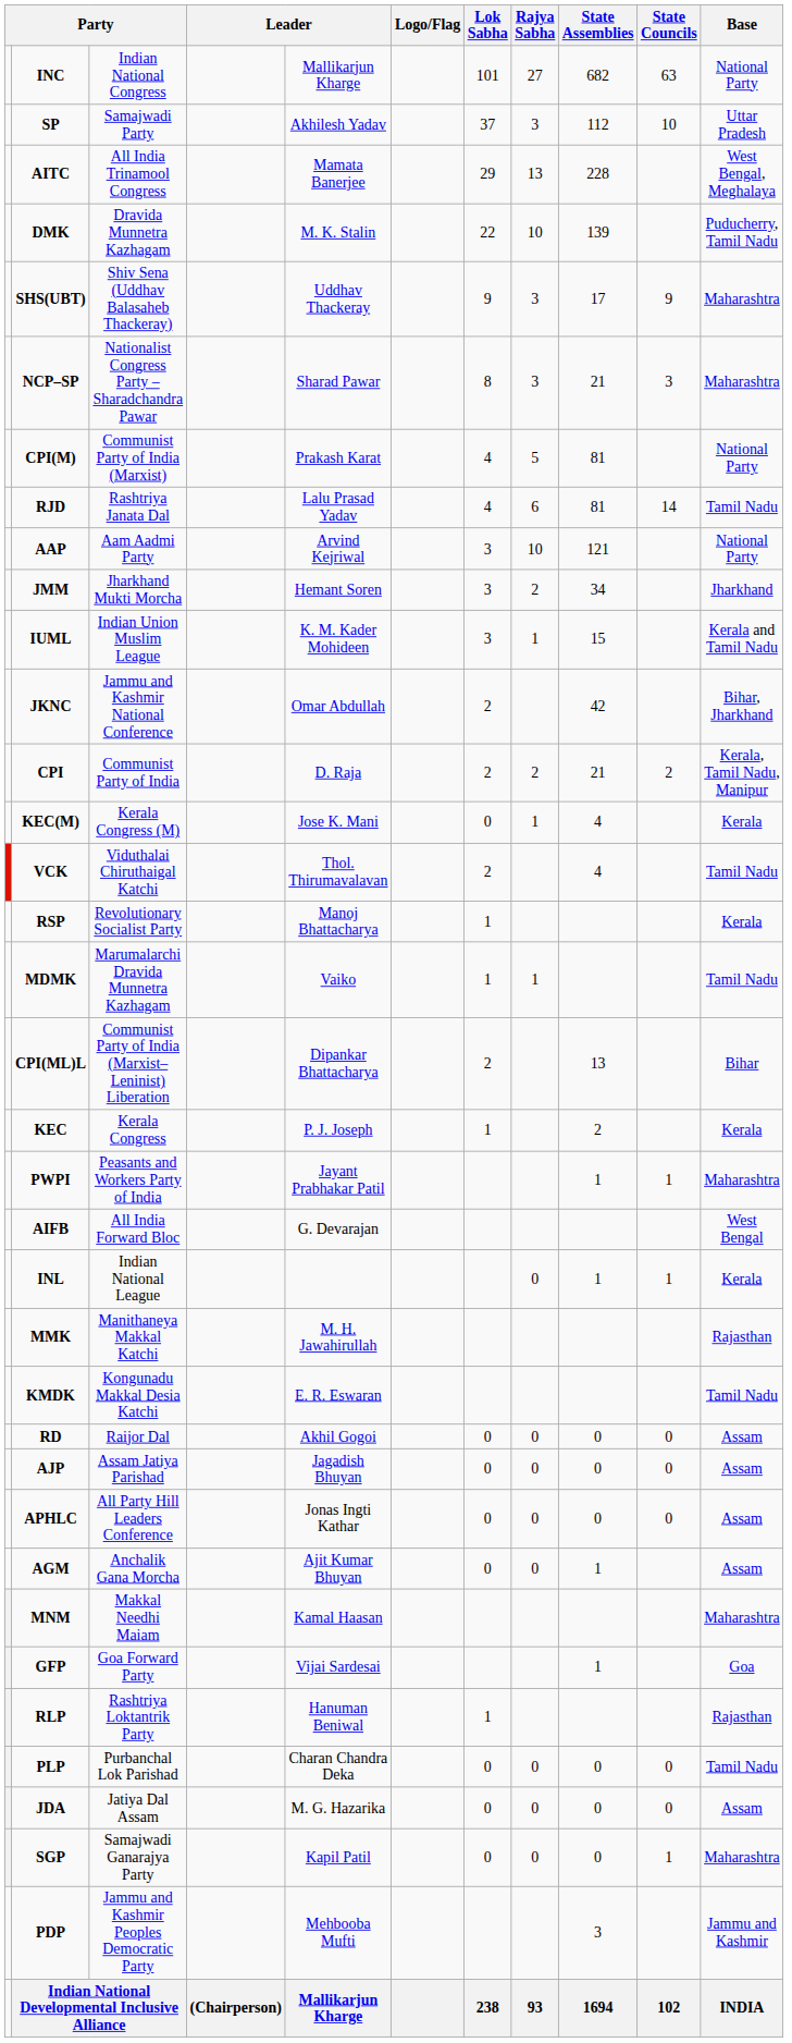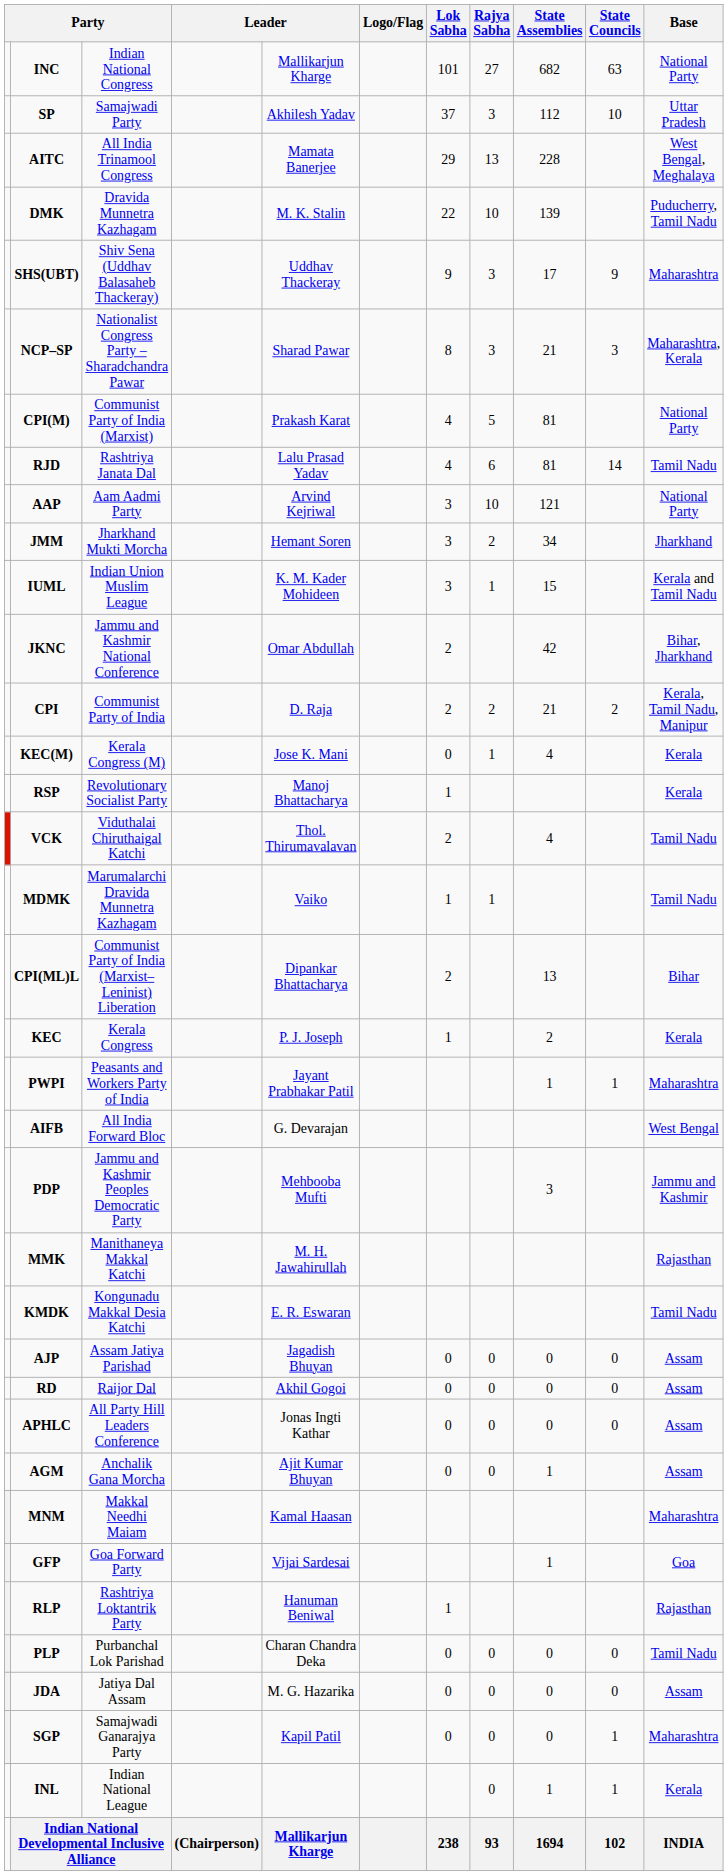 <table class="wikitable sortable" width="60%" style="text-align:center;">
 <tr>
 <th colspan="3" style="width:30px;">Party</th>
 <th colspan="2" style="width:30px;">Leader</th>
 <th>Logo/Flag</th>
 <th style="width:100px;"><a href='#'>Lok Sabha</a></th>
 <th style="width:100px;"><a href='#'>Rajya Sabha</a></th>
 <th><a href='#'>State Assemblies</a></th>
 <th><a href='#'>State Councils</a></th>
 <th style="width:170px;">Base</th>
 </tr>
 <tr>
 <td style="background-color:"></td>
 <td><strong>INC</strong></td>
 <td><a href='#'>Indian National Congress</a></td>
 <td></td>
 <td><a href='#'>Mallikarjun Kharge</a></td>
 <td></td>
 <td style="text-align:center;">101</td>
 <td style="text-align:center;">27</td>
 <td style="text-align:center;">682</td>
 <td style="text-align:center;">63</td>
 <td style="text-align:center;"><a href='#'>National Party</a></td>
 </tr>
 <tr>
 <td style="background-color:"></td>
 <td><strong>SP</strong></td>
 <td><a href='#'>Samajwadi Party</a></td>
 <td></td>
 <td><a href='#'>Akhilesh Yadav</a></td>
 <td></td>
 <td style="text-align:center;">37</td>
 <td style="text-align:center;">3</td>
 <td style="text-align:center;">112</td>
 <td style="text-align:center;">10</td>
 <td style="text-align:center;"><a href='#'>Uttar Pradesh</a></td>
 </tr>
 <tr>
 <td style="background-color:"></td>
 <td><strong>AITC</strong></td>
 <td><a href='#'>All India Trinamool Congress</a></td>
 <td></td>
 <td><a href='#'>Mamata Banerjee</a></td>
 <td></td>
 <td style="text-align:center;">29</td>
 <td style="text-align:center;">13</td>
 <td style="text-align:center;">228</td>
 <td style="text-align:center;"></td>
 <td><a href='#'>West Bengal</a>, <a href='#'>Meghalaya</a></td>
 </tr>
 <tr>
 <td style="background-color:"></td>
 <td><strong>DMK</strong></td>
 <td><a href='#'>Dravida Munnetra Kazhagam</a></td>
 <td></td>
 <td><a href='#'>M. K. Stalin</a></td>
 <td></td>
 <td style="text-align:center;">22</td>
 <td style="text-align:center;">10</td>
 <td style="text-align:center;">139</td>
 <td style="text-align:center;"></td>
 <td style="text-align:center;"><a href='#'>Puducherry</a>, <a href='#'>Tamil Nadu</a></td>
 </tr>
 <tr>
 <td style="background-color:"></td>
 <td><strong>SHS(UBT)</strong></td>
 <td><a href='#'>Shiv Sena (Uddhav Balasaheb Thackeray)</a></td>
 <td></td>
 <td><a href='#'>Uddhav Thackeray</a></td>
 <td></td>
 <td style="text-align:center;">9</td>
 <td style="text-align:center;">3</td>
 <td style="text-align:center;">17</td>
 <td style="text-align:center;">9</td>
 <td style="text-align:center;"><a href='#'>Maharashtra</a></td>
 </tr>
 <tr>
 <td style="background-color:"></td>
 <td><strong>NCP–SP</strong></td>
 <td><a href='#'>Nationalist Congress Party – Sharadchandra Pawar</a></td>
 <td></td>
 <td><a href='#'>Sharad Pawar</a></td>
 <td></td>
 <td style="text-align:center;">8</td>
 <td style="text-align:center;">3</td>
 <td style="text-align:center;">21</td>
 <td style="text-align:center;">3</td>
-<td><a href='#'>Maharashtra</a></td>
+<td style="text-align:center;"><a href='#'>Maharashtra</a>, <a href='#'>Kerala</a></td>
 </tr>
 <tr>
 <td style="background-color:"></td>
 <td><strong>CPI(M)</strong></td>
 <td><a href='#'>Communist Party of India (Marxist)</a></td>
 <td></td>
 <td><a href='#'>Prakash Karat</a></td>
 <td></td>
 <td style="text-align:center;">4</td>
 <td style="text-align:center;">5</td>
 <td style="text-align:center;">81</td>
 <td style="text-align:center;"></td>
 <td style="text-align:center;"><a href='#'>National Party</a></td>
 </tr>
 <tr>
 <td style="background-color:"></td>
 <td><strong>RJD</strong></td>
 <td><a href='#'>Rashtriya Janata Dal</a></td>
 <td></td>
 <td><a href='#'>Lalu Prasad Yadav</a></td>
 <td></td>
 <td style="text-align:center;">4</td>
 <td style="text-align:center;">6</td>
 <td style="text-align:center;">81</td>
 <td style="text-align:center;">14</td>
 <td style="text-align:center;"><a href='#'>Tamil Nadu</a></td>
 </tr>
 <tr>
 <td style="background-color:"></td>
 <td><strong>AAP</strong></td>
 <td><a href='#'>Aam Aadmi Party</a></td>
 <td></td>
 <td><a href='#'>Arvind Kejriwal</a></td>
 <td></td>
 <td style="text-align:center;">3</td>
 <td style="text-align:center;">10</td>
 <td style="text-align:center;">121</td>
 <td style="text-align:center;"></td>
 <td style="text-align:center;"><a href='#'>National Party</a></td>
 </tr>
 <tr>
 <td style="background:"></td>
 <td><strong>JMM</strong></td>
 <td><a href='#'>Jharkhand Mukti Morcha</a></td>
 <td></td>
 <td><a href='#'>Hemant Soren</a></td>
 <td></td>
 <td style="text-align:center;">3</td>
 <td style="text-align:center;">2</td>
 <td style="text-align:center;">34</td>
 <td style="text-align:center;"></td>
 <td style="text-align:center;"><a href='#'>Jharkhand</a></td>
 </tr>
 <tr>
 <td style="background-color:"></td>
 <td><strong>IUML</strong></td>
 <td><a href='#'>Indian Union Muslim League</a></td>
 <td></td>
 <td><a href='#'>K. M. Kader Mohideen</a></td>
 <td></td>
 <td style="text-align:center;">3</td>
 <td style="text-align:center;">1</td>
 <td style="text-align:center;">15</td>
 <td style="text-align:center;"></td>
 <td style="text-align:center;"><a href='#'>Kerala</a> and <a href='#'>Tamil Nadu</a></td>
 </tr>
 <tr>
 <td style="background:"></td>
 <td><strong>JKNC</strong></td>
 <td><a href='#'>Jammu and Kashmir National Conference</a></td>
 <td></td>
 <td><a href='#'>Omar Abdullah</a></td>
 <td></td>
 <td style="text-align:center;">2</td>
 <td style="text-align:center;"></td>
 <td style="text-align:center;">42</td>
 <td style="text-align:center;"></td>
 <td style="text-align:center;"><a href='#'>Bihar</a>, <a href='#'>Jharkhand</a></td>
 </tr>
 <tr>
 <td style="background-color:"></td>
 <td><strong>CPI</strong></td>
 <td><a href='#'>Communist Party of India</a></td>
 <td></td>
 <td><a href='#'>D. Raja</a></td>
 <td></td>
 <td style="text-align:center;">2</td>
 <td style="text-align:center;">2</td>
 <td style="text-align:center;">21</td>
 <td style="text-align:center;">2</td>
 <td style="text-align:center;"><a href='#'>Kerala</a>, <a href='#'>Tamil Nadu</a>, <a href='#'>Manipur</a></td>
 </tr>
 <tr>
 <td style="background-color:"></td>
 <td><strong>KEC(M)</strong></td>
 <td><a href='#'>Kerala Congress (M)</a></td>
 <td></td>
 <td><a href='#'>Jose K. Mani</a></td>
 <td></td>
 <td style="text-align:center;">0</td>
 <td style="text-align:center;">1</td>
 <td style="text-align:center;">4</td>
 <td style="text-align:center;"></td>
 <td style="text-align:center;"><a href='#'>Kerala</a></td>
 </tr>
 <tr>
+<td style="background-color:"></td>
+<td><strong>RSP</strong></td>
+<td><a href='#'>Revolutionary Socialist Party</a></td>
+<td></td>
+<td><a href='#'>Manoj Bhattacharya</a></td>
+<td></td>
+<td style="text-align:center;">1</td>
+<td style="text-align:center;"></td>
+<td style="text-align:center;"></td>
+<td style="text-align:center;"></td>
+<td style="text-align:center;"><a href='#'>Kerala</a></td>
+</tr>
+<tr>
 <td style="background:#d10;text-align:center;color:white;"></td>
 <td><strong>VCK</strong></td>
 <td><a href='#'>Viduthalai Chiruthaigal Katchi</a></td>
 <td></td>
 <td><a href='#'>Thol. Thirumavalavan</a></td>
 <td></td>
 <td style="text-align:center;">2</td>
 <td style="text-align:center;"></td>
 <td style="text-align:center;">4</td>
 <td style="text-align:center;"></td>
 <td style="text-align:center;"><a href='#'>Tamil Nadu</a></td>
-</tr>
-<tr>
-<td style="background-color:"></td>
-<td><strong>RSP</strong></td>
-<td><a href='#'>Revolutionary Socialist Party</a></td>
-<td></td>
-<td><a href='#'>Manoj Bhattacharya</a></td>
-<td></td>
-<td style="text-align:center;">1</td>
-<td style="text-align:center;"></td>
-<td style="text-align:center;"></td>
-<td style="text-align:center;"></td>
-<td style="text-align:center;"><a href='#'>Kerala</a></td>
 </tr>
 <tr>
 <td style="background-color:"></td>
 <td><strong>MDMK</strong></td>
 <td><a href='#'>Marumalarchi Dravida Munnetra Kazhagam</a></td>
 <td></td>
 <td><a href='#'>Vaiko</a></td>
 <td></td>
 <td style="text-align:center;">1</td>
 <td style="text-align:center;">1</td>
 <td style="text-align:center;"></td>
 <td style="text-align:center;"></td>
 <td style="text-align:center;"><a href='#'>Tamil Nadu</a></td>
 </tr>
 <tr>
 <td style="background-color:"></td>
 <td><strong>CPI(ML)L</strong></td>
 <td><a href='#'>Communist Party of India (Marxist–Leninist) Liberation</a></td>
 <td></td>
 <td><a href='#'>Dipankar Bhattacharya</a></td>
 <td></td>
 <td style="text-align:center;">2</td>
 <td style="text-align:center;"></td>
 <td style="text-align:center;">13</td>
 <td style="text-align:center;"></td>
 <td style="text-align:center;"><a href='#'>Bihar</a></td>
 </tr>
 <tr>
 <td style="background-color:"></td>
 <td><strong>KEC</strong></td>
 <td><a href='#'>Kerala Congress</a></td>
 <td></td>
 <td><a href='#'>P. J. Joseph</a></td>
 <td></td>
 <td style="text-align:center;">1</td>
 <td style="text-align:center;"></td>
 <td style="text-align:center;">2</td>
 <td style="text-align:center;"></td>
 <td style="text-align:center;"><a href='#'>Kerala</a></td>
 </tr>
 <tr>
 <td style="background-color:"></td>
 <td><strong>PWPI</strong></td>
 <td><a href='#'>Peasants and Workers Party of India</a></td>
 <td></td>
 <td><a href='#'>Jayant Prabhakar Patil</a></td>
 <td></td>
 <td style="text-align:center;"></td>
 <td style="text-align:center;"></td>
 <td style="text-align:center;">1</td>
 <td style="text-align:center;">1</td>
 <td style="text-align:center;"><a href='#'>Maharashtra</a></td>
 </tr>
 <tr>
 <td style="background-color:"></td>
 <td><strong>AIFB</strong></td>
 <td><a href='#'>All India Forward Bloc</a></td>
 <td></td>
 <td>G. Devarajan</td>
 <td></td>
 <td style="text-align: center;"></td>
 <td style="text-align: center;"></td>
 <td style="text-align: center;"></td>
 <td style="text-align: center;"></td>
 <td style="text-align: center;"><a href='#'>West Bengal</a></td>
 </tr>
 <tr>
-<td style="background-color:"></td>
-<td><strong>INL</strong></td>
-<td>Indian National League</td>
+<td style="background:"></td>
+<td><strong>PDP</strong></td>
+<td><a href='#'>Jammu and Kashmir Peoples Democratic Party</a></td>
 <td></td>
+<td><a href='#'>Mehbooba Mufti</a></td>
 <td></td>
-<td></td>
-<td style="text-align:center;"></td>
-<td>0</td>
-<td>1</td>
-<td>1</td>
-<td><a href='#'>Kerala</a></td>
+<td style="text-align: center;"></td>
+<td style="text-align: center;"></td>
+<td style="text-align: center;">3</td>
+<td style="text-align: center;"></td>
+<td style="text-align: center;"><a href='#'>Jammu and Kashmir</a></td>
 </tr>
 <tr>
 <td style="background-color:"></td>
 <td><strong>MMK</strong></td>
 <td><a href='#'>Manithaneya Makkal Katchi</a></td>
 <td></td>
 <td><a href='#'>M. H. Jawahirullah</a></td>
 <td></td>
 <td style="text-align:center;"></td>
 <td style="text-align:center;"></td>
 <td style="text-align:center;"></td>
 <td style="text-align:center;"></td>
 <td><a href='#'>Rajasthan</a></td>
 </tr>
 <tr>
 <td style="background-color:"></td>
 <td><strong>KMDK</strong></td>
 <td><a href='#'>Kongunadu Makkal Desia Katchi</a></td>
 <td></td>
 <td><a href='#'>E. R. Eswaran</a></td>
 <td></td>
 <td style="text-align:center;"></td>
 <td style="text-align:center;"></td>
 <td style="text-align:center;"></td>
 <td style="text-align:center;"></td>
 <td style="text-align:center;"><a href='#'>Tamil Nadu</a></td>
 </tr>
 <tr>
 <td></td>
-<td><strong>RD</strong></td>
-<td><a href='#'>Raijor Dal</a></td>
+<td><strong>AJP</strong></td>
+<td><a href='#'>Assam Jatiya Parishad</a></td>
 <td></td>
-<td><a href='#'>Akhil Gogoi</a></td>
+<td><a href='#'>Jagadish Bhuyan</a></td>
 <td></td>
 <td>0</td>
 <td>0</td>
 <td>0</td>
 <td>0</td>
 <td><a href='#'>Assam</a></td>
 </tr>
 <tr>
 <td></td>
-<td><strong>AJP</strong></td>
-<td><a href='#'>Assam Jatiya Parishad</a></td>
+<td><strong>RD</strong></td>
+<td><a href='#'>Raijor Dal</a></td>
 <td></td>
-<td><a href='#'>Jagadish Bhuyan</a></td>
+<td><a href='#'>Akhil Gogoi</a></td>
 <td></td>
 <td>0</td>
 <td>0</td>
 <td>0</td>
 <td>0</td>
 <td><a href='#'>Assam</a></td>
 </tr>
 <tr>
 <td></td>
 <td><strong>APHLC</strong></td>
 <td><a href='#'>All Party Hill Leaders Conference</a></td>
 <td></td>
 <td>Jonas Ingti Kathar</td>
 <td></td>
 <td>0</td>
 <td>0</td>
 <td>0</td>
 <td>0</td>
 <td><a href='#'>Assam</a></td>
 </tr>
 <tr>
 <td></td>
 <td><strong>AGM</strong></td>
 <td><a href='#'>Anchalik Gana Morcha</a></td>
 <td></td>
 <td><a href='#'>Ajit Kumar Bhuyan</a></td>
 <td></td>
 <td>0</td>
 <td>0</td>
 <td>1</td>
 <td></td>
 <td><a href='#'>Assam</a></td>
 </tr>
 <tr>
 <th></th>
 <td><strong>MNM</strong></td>
 <td><a href='#'>Makkal Needhi Maiam</a></td>
 <td></td>
 <td><a href='#'>Kamal Haasan</a></td>
 <td></td>
 <td></td>
 <td></td>
 <td></td>
 <td></td>
 <td style="text-align:center;"><a href='#'>Maharashtra</a></td>
 </tr>
 <tr>
 <th></th>
 <td><strong>GFP</strong></td>
 <td><a href='#'>Goa Forward Party</a></td>
 <td></td>
 <td><a href='#'>Vijai Sardesai</a></td>
 <td></td>
 <td></td>
 <td></td>
 <td>1</td>
 <td></td>
 <td><a href='#'>Goa</a></td>
 </tr>
 <tr>
 <th></th>
 <td><strong>RLP</strong></td>
 <td><a href='#'>Rashtriya Loktantrik Party</a></td>
 <td></td>
 <td><a href='#'>Hanuman Beniwal</a></td>
 <td></td>
 <td>1</td>
 <td></td>
 <td></td>
 <td></td>
 <td><a href='#'>Rajasthan</a></td>
 </tr>
 <tr>
 <th></th>
 <td><strong>PLP</strong></td>
 <td>Purbanchal Lok Parishad</td>
 <td></td>
 <td>Charan Chandra Deka</td>
 <td></td>
 <td>0</td>
 <td>0</td>
 <td>0</td>
 <td>0</td>
 <td style="text-align:center;"><a href='#'>Tamil Nadu</a></td>
 </tr>
 <tr>
 <th></th>
 <td><strong>JDA</strong></td>
 <td>Jatiya Dal Assam</td>
 <td></td>
 <td>M. G. Hazarika</td>
 <td></td>
 <td>0</td>
 <td>0</td>
 <td>0</td>
 <td>0</td>
 <td><a href='#'>Assam</a></td>
 </tr>
 <tr>
 <th></th>
 <td><strong>SGP</strong></td>
 <td>Samajwadi Ganarajya Party</td>
 <td></td>
 <td><a href='#'>Kapil Patil</a></td>
 <td></td>
 <td>0</td>
 <td>0</td>
 <td>0</td>
 <td>1</td>
 <td><a href='#'>Maharashtra</a></td>
 </tr>
 <tr>
-<td style="background:"></td>
-<td><strong>PDP</strong></td>
-<td><a href='#'>Jammu and Kashmir Peoples Democratic Party</a></td>
+<td style="background-color:"></td>
+<td><strong>INL</strong></td>
+<td>Indian National League</td>
 <td></td>
-<td><a href='#'>Mehbooba Mufti</a></td>
 <td></td>
-<td style="text-align: center;"></td>
-<td style="text-align: center;"></td>
-<td style="text-align: center;">3</td>
-<td style="text-align: center;"></td>
-<td style="text-align: center;"><a href='#'>Jammu and Kashmir</a></td>
+<td></td>
+<td style="text-align:center;"></td>
+<td>0</td>
+<td>1</td>
+<td>1</td>
+<td><a href='#'>Kerala</a></td>
 </tr>
 <tr>
 <td style="background-color:"></td>
 <th colspan="2" style="text-align: center;"><strong><a href='#'>Indian National Developmental Inclusive Alliance</a></strong></th>
 <th>(Chairperson)</th>
 <th style="text-align:center;"><a href='#'>Mallikarjun Kharge</a></th>
 <th style="text-align:center;"></th>
 <th style="text-align:center;">238</th>
 <th style="text-align:center;"><strong>93</strong></th>
 <th style="text-align:center;"><strong>1694</strong></th>
 <th style="text-align:center;">102</th>
 <th style="text-align:center;">INDIA</th>
 </tr>
 </table>
